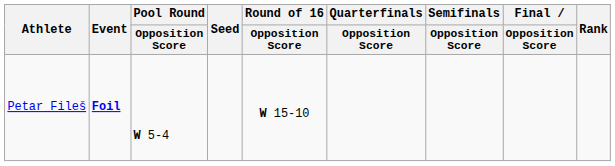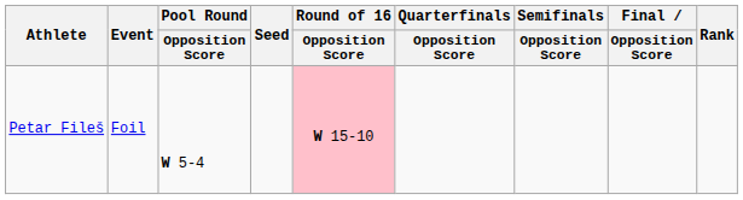 <table class=wikitable style="font-size:90%">
 <tr>
 <th rowspan="2">Athlete</th>
 <th rowspan="2">Event</th>
 <th>Pool Round</th>
 <th rowspan="2">Seed</th>
 <th>Round of 16</th>
 <th>Quarterfinals</th>
 <th>Semifinals</th>
 <th>Final / </th>
 <th rowspan=2>Rank</th>
 </tr>
 <tr style="font-size:95%">
 <th>Opposition<br>Score</th>
 <th>Opposition<br>Score</th>
 <th>Opposition<br>Score</th>
 <th>Opposition<br>Score</th>
 <th>Opposition<br>Score</th>
 </tr>
 <tr align=center>
 <td align=left><a href='#'>Petar Fileš</a></td>
-<td align=left><strong><a href='#'>Foil</a></strong></td>
+<td align=left><a href='#'>Foil</a></td>
 <td align=left><br><br><br><br><br><strong>W</strong> 5-4<br><br></td>
 <td></td>
-<td><br><strong>W</strong> 15-10</td>
+<td style="background: pink;"><br><strong>W</strong> 15-10</td>
 <td></td>
 <td></td>
 <td></td>
 <td></td>
 </tr>
 </table>
